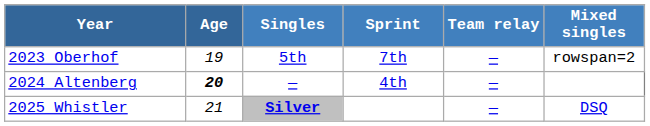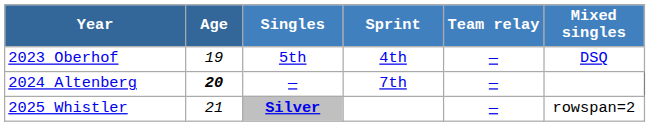 <table class="wikitable" style="font-size:95%; text-align:center; border:grey solid 1px; border-collapse:collapse; background:#ffffff;">
 <tr>
 <th style="background-color:#369; color:white; width:140px;">Year</th>
 <th style="background-color:#369; color:white; width:40px;">Age</th>
 <th style="background-color:#4180be; color:white; width:75px;">Singles</th>
 <th style="background-color:#4180be; color:white; width:75px;">Sprint</th>
 <th style="background-color:#4180be; color:white; width:75px;">Team relay</th>
 <th style="background-color:#4180be; color:white; width:75px;">Mixed singles</th>
 </tr>
 <tr>
 <td align=left> <a href='#'>2023 Oberhof</a></td>
 <td><em>19</em></td>
 <td><a href='#'>5th</a></td>
-<td><a href='#'>7th</a></td>
+<td><a href='#'>4th</a></td>
 <td><a href='#'>—</a></td>
-<td>rowspan=2 </td>
+<td><a href='#'>DSQ</a></td>
 </tr>
 <tr>
 <td align=left> <a href='#'>2024 Altenberg</a></td>
 <td><strong><em>20</em></strong></td>
 <td><a href='#'>—</a></td>
-<td><a href='#'>4th</a></td>
+<td><a href='#'>7th</a></td>
 <td><a href='#'>—</a></td>
 </tr>
 <tr>
 <td align=left> <a href='#'>2025 Whistler</a></td>
 <td><em>21</em></td>
 <td style="background:silver;"><a href='#'><strong>Silver</strong></a></td>
 <td></td>
 <td><a href='#'>—</a></td>
-<td><a href='#'>DSQ</a></td>
+<td>rowspan=2 </td>
 </tr>
 </table>
